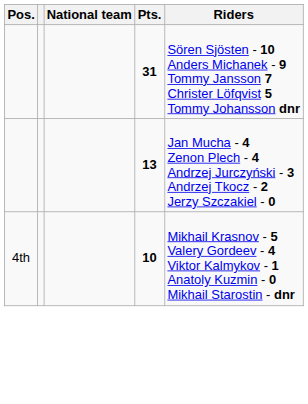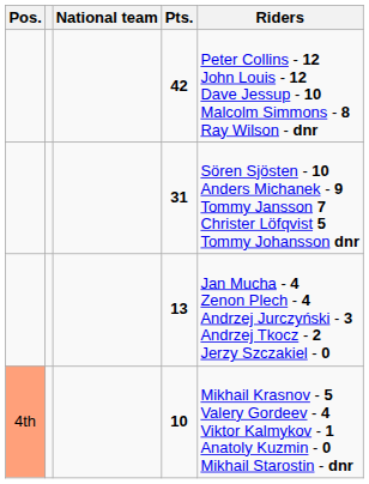 <table class=wikitable style="font-size:100%;">
 <tr>
 <th>Pos.</th>
 <th></th>
 <th>National team</th>
 <th>Pts.</th>
 <th>Riders</th>
+</tr>
+<tr align=center >
+<td></td>
+<td></td>
+<td align=left></td>
+<td><strong>42</strong></td>
+<td align=left><br><a href='#'>Peter Collins</a> - <strong>12</strong><br> <a href='#'>John Louis</a> - <strong>12</strong><br> <a href='#'>Dave Jessup</a> - <strong>10</strong><br> <a href='#'>Malcolm Simmons</a> - <strong>8</strong><br> <a href='#'>Ray Wilson</a> - <strong>dnr</strong></td>
 </tr>
 <tr align=center >
 <td></td>
 <td></td>
 <td align=left></td>
 <td><strong>31</strong></td>
 <td align=left><br><a href='#'>Sören Sjösten</a> - <strong>10</strong><br> <a href='#'>Anders Michanek</a> - <strong>9</strong><br> <a href='#'>Tommy Jansson</a> <strong>7</strong><br> <a href='#'>Christer Löfqvist</a>  <strong>5</strong><br> <a href='#'>Tommy Johansson</a> <strong>dnr</strong></td>
 </tr>
 <tr align=center >
 <td></td>
 <td></td>
 <td align=left></td>
 <td><strong>13</strong></td>
 <td align=left><br><a href='#'>Jan Mucha</a> - <strong>4</strong><br> <a href='#'>Zenon Plech</a> - <strong>4</strong><br> <a href='#'>Andrzej Jurczyński</a> - <strong>3</strong><br> <a href='#'>Andrzej Tkocz</a> - <strong>2</strong><br> <a href='#'>Jerzy Szczakiel</a> - <strong>0</strong></td>
 </tr>
 <tr align=center >
-<td>4th</td>
+<td style="background: lightsalmon;">4th</td>
 <td></td>
 <td align=left></td>
 <td><strong>10</strong></td>
 <td align=left><br><a href='#'>Mikhail Krasnov</a> - <strong>5</strong><br> <a href='#'>Valery Gordeev</a> - <strong>4</strong><br> <a href='#'>Viktor Kalmykov</a> - <strong>1</strong><br> <a href='#'>Anatoly Kuzmin</a> - <strong>0</strong><br> <a href='#'>Mikhail Starostin</a> - <strong>dnr</strong></td>
 </tr>
 </table>
